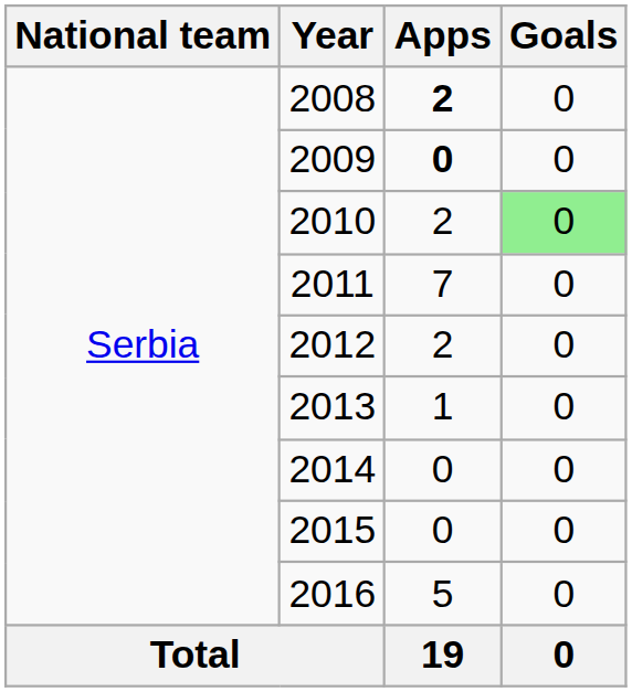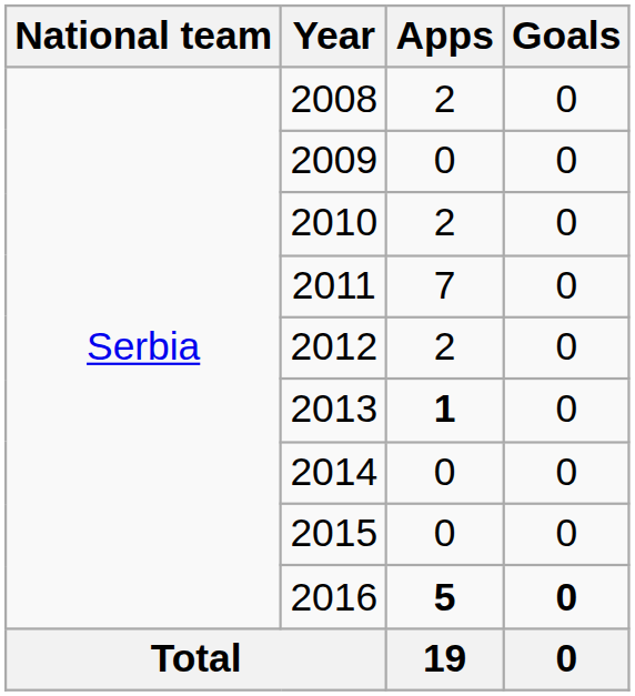 <table class="wikitable" style="text-align:center">
 <tr>
 <th>National team</th>
 <th>Year</th>
 <th>Apps</th>
 <th>Goals</th>
 </tr>
 <tr>
 <td rowspan="9"><a href='#'>Serbia</a></td>
 <td>2008</td>
-<td><strong>2</strong></td>
+<td>2</td>
 <td>0</td>
 </tr>
 <tr>
 <td>2009</td>
-<td><strong>0</strong></td>
+<td>0</td>
 <td>0</td>
 </tr>
 <tr>
 <td>2010</td>
 <td>2</td>
-<td style="background: lightgreen;">0</td>
+<td>0</td>
 </tr>
 <tr>
 <td>2011</td>
 <td>7</td>
 <td>0</td>
 </tr>
 <tr>
 <td>2012</td>
 <td>2</td>
 <td>0</td>
 </tr>
 <tr>
 <td>2013</td>
-<td>1</td>
+<td><strong>1</strong></td>
 <td>0</td>
 </tr>
 <tr>
 <td>2014</td>
 <td>0</td>
 <td>0</td>
 </tr>
 <tr>
 <td>2015</td>
 <td>0</td>
 <td>0</td>
 </tr>
 <tr>
 <td>2016</td>
-<td>5</td>
-<td>0</td>
+<td><strong>5</strong></td>
+<td><strong>0</strong></td>
 </tr>
 <tr>
 <th colspan="2">Total</th>
 <th>19</th>
 <th>0</th>
 </tr>
 </table>
